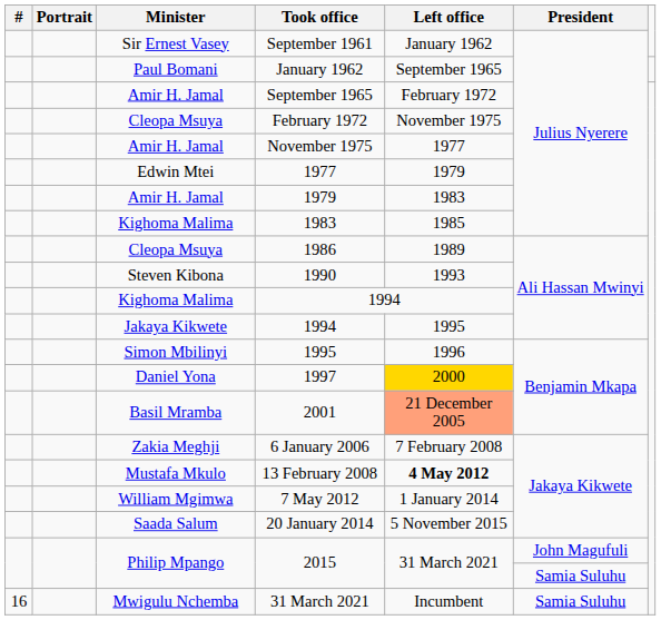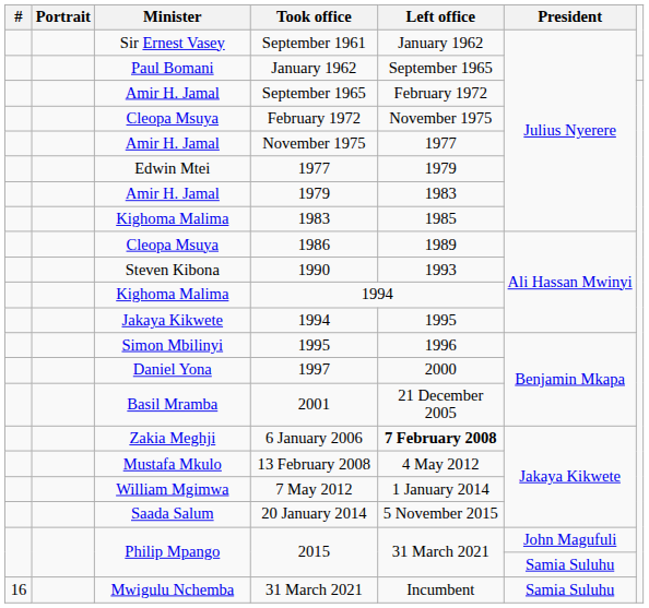 <table class="wikitable" style="text-align:center">
 <tr>
 <th width="20px">#</th>
 <th>Portrait</th>
 <th width="150px">Minister</th>
 <th width="120px">Took office</th>
 <th width="120px">Left office</th>
 <th>President</th>
 </tr>
 <tr>
 <td></td>
 <td></td>
 <td>Sir <a href='#'>Ernest Vasey</a></td>
 <td>September 1961</td>
 <td>January 1962</td>
 <td rowspan="8"><a href='#'>Julius Nyerere</a></td>
 </tr>
 <tr>
 <td style="background:"></td>
 <td></td>
 <td><a href='#'>Paul Bomani</a></td>
 <td>January 1962</td>
 <td>September 1965</td>
 <td></td>
 </tr>
 <tr>
 <td style="background:"></td>
 <td></td>
 <td><a href='#'>Amir H. Jamal</a></td>
 <td>September 1965</td>
 <td>February 1972</td>
 </tr>
 <tr>
 <td style="background:"></td>
 <td></td>
 <td><a href='#'>Cleopa Msuya</a></td>
 <td>February 1972</td>
 <td>November 1975</td>
 </tr>
 <tr>
 <td style="background:"></td>
 <td></td>
 <td><a href='#'>Amir H. Jamal</a></td>
 <td>November 1975</td>
 <td>1977</td>
 </tr>
 <tr>
 <td style="background:"></td>
 <td></td>
 <td>Edwin Mtei</td>
 <td>1977</td>
 <td>1979</td>
 </tr>
 <tr>
 <td style="background:"></td>
 <td></td>
 <td><a href='#'>Amir H. Jamal</a></td>
 <td>1979</td>
 <td>1983</td>
 </tr>
 <tr>
 <td style="background:"></td>
 <td></td>
 <td><a href='#'>Kighoma Malima</a></td>
 <td>1983</td>
 <td>1985</td>
 </tr>
 <tr>
 <td style="background:"></td>
 <td></td>
 <td><a href='#'>Cleopa Msuya</a></td>
 <td>1986</td>
 <td>1989</td>
 <td rowspan="4"><a href='#'>Ali Hassan Mwinyi</a></td>
 </tr>
 <tr>
 <td style="background:"></td>
 <td></td>
 <td>Steven Kibona</td>
 <td>1990</td>
 <td>1993</td>
 </tr>
 <tr>
 <td style="background:"></td>
 <td></td>
 <td><a href='#'>Kighoma Malima</a></td>
 <td colspan="2">1994</td>
 </tr>
 <tr>
 <td style="background:"></td>
 <td></td>
 <td><a href='#'>Jakaya Kikwete</a></td>
 <td>1994</td>
 <td>1995</td>
 </tr>
 <tr>
 <td style="background:"></td>
 <td></td>
 <td><a href='#'>Simon Mbilinyi</a></td>
 <td>1995</td>
 <td>1996</td>
 <td rowspan="3"><a href='#'>Benjamin Mkapa</a></td>
 </tr>
 <tr>
 <td style="background:"></td>
 <td></td>
 <td><a href='#'>Daniel Yona</a></td>
 <td>1997</td>
-<td style="background: gold;">2000</td>
+<td>2000</td>
 </tr>
 <tr>
 <td style="background:"></td>
 <td></td>
 <td><a href='#'>Basil Mramba</a></td>
 <td>2001</td>
-<td style="background: lightsalmon;">21 December 2005</td>
+<td>21 December 2005</td>
 </tr>
 <tr>
 <td style="background:"></td>
 <td></td>
 <td><a href='#'>Zakia Meghji</a></td>
 <td>6 January 2006</td>
-<td>7 February 2008</td>
+<td><strong>7 February 2008</strong></td>
 <td rowspan="4"><a href='#'>Jakaya Kikwete</a></td>
 </tr>
 <tr>
 <td style="background:"></td>
 <td></td>
 <td><a href='#'>Mustafa Mkulo</a></td>
 <td>13 February 2008</td>
-<td><strong>4 May 2012</strong></td>
+<td>4 May 2012</td>
 </tr>
 <tr>
 <td style="background:"></td>
 <td></td>
 <td><a href='#'>William Mgimwa</a></td>
 <td>7 May 2012</td>
 <td>1 January 2014</td>
 </tr>
 <tr>
 <td style="background:"></td>
 <td></td>
 <td><a href='#'>Saada Salum</a></td>
 <td>20 January 2014</td>
 <td>5 November 2015</td>
 </tr>
 <tr>
 <td rowspan="2" style="background:"></td>
 <td rowspan="2"></td>
 <td rowspan="2"><a href='#'>Philip Mpango</a></td>
 <td rowspan="2">2015</td>
 <td rowspan="2">31 March 2021</td>
 <td><a href='#'>John Magufuli</a></td>
 </tr>
 <tr>
 <td><a href='#'>Samia Suluhu</a></td>
 </tr>
 <tr>
 <td style="background:">16</td>
 <td></td>
 <td><a href='#'>Mwigulu Nchemba</a></td>
 <td>31 March 2021</td>
 <td>Incumbent</td>
 <td><a href='#'>Samia Suluhu</a></td>
 </tr>
 </table>
